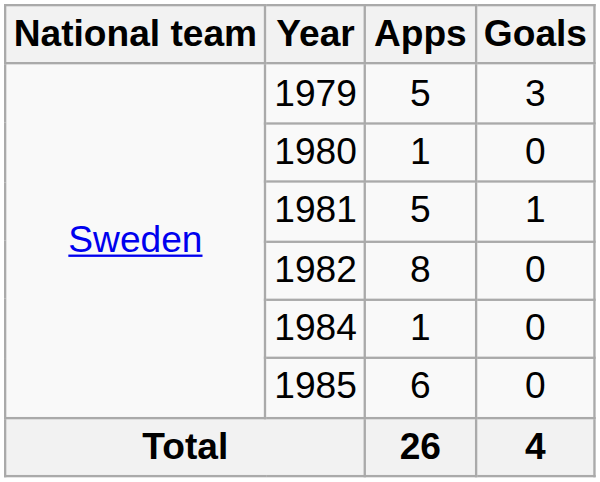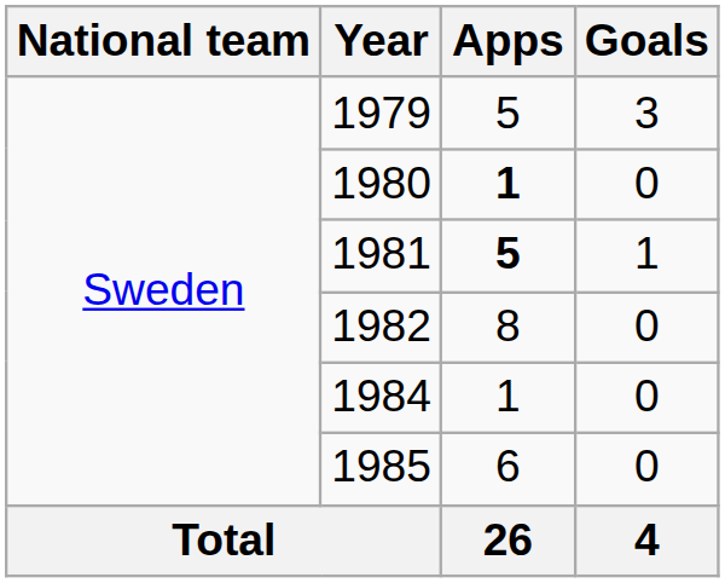 <table class="wikitable" style="text-align:center">
 <tr>
 <th>National team</th>
 <th>Year</th>
 <th>Apps</th>
 <th>Goals</th>
 </tr>
 <tr>
 <td rowspan="6"><a href='#'>Sweden</a></td>
 <td>1979</td>
 <td>5</td>
 <td>3</td>
 </tr>
 <tr>
 <td>1980</td>
-<td>1</td>
+<td><strong>1</strong></td>
 <td>0</td>
 </tr>
 <tr>
 <td>1981</td>
-<td>5</td>
+<td><strong>5</strong></td>
 <td>1</td>
 </tr>
 <tr>
 <td>1982</td>
 <td>8</td>
 <td>0</td>
 </tr>
 <tr>
 <td>1984</td>
 <td>1</td>
 <td>0</td>
 </tr>
 <tr>
 <td>1985</td>
 <td>6</td>
 <td>0</td>
 </tr>
 <tr>
 <th colspan="2">Total</th>
 <th>26</th>
 <th>4</th>
 </tr>
 </table>
